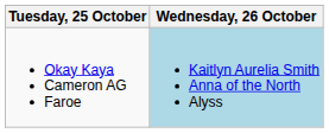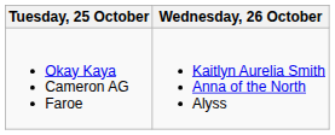 <table class="wikitable">
 <tr>
 <th>Tuesday, 25 October</th>
 <th>Wednesday, 26 October</th>
 </tr>
 <tr valign="top">
 <td><br><ul><li><a href='#'>Okay Kaya</a></li><li>Cameron AG</li><li>Faroe</li></ul></td>
-<td style="background: lightblue;"><br><ul><li><a href='#'>Kaitlyn Aurelia Smith</a></li><li><a href='#'>Anna of the North</a></li><li>Alyss</li></ul></td>
+<td><br><ul><li><a href='#'>Kaitlyn Aurelia Smith</a></li><li><a href='#'>Anna of the North</a></li><li>Alyss</li></ul></td>
 </tr>
 </table>
